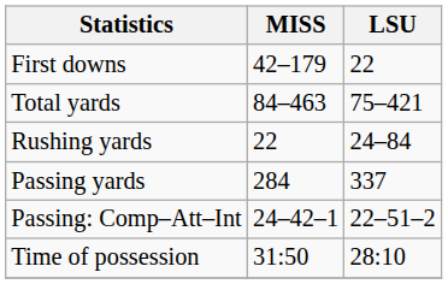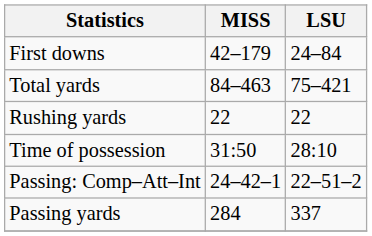 <table class="wikitable" style="float: left;">
 <tr>
 <th>Statistics</th>
 <th>MISS</th>
 <th>LSU</th>
 </tr>
 <tr>
 <td>First downs</td>
 <td>42–179</td>
-<td>22</td>
+<td>24–84</td>
 </tr>
 <tr>
 <td>Total yards</td>
 <td>84–463</td>
 <td>75–421</td>
 </tr>
 <tr>
 <td>Rushing yards</td>
 <td>22</td>
-<td>24–84</td>
+<td>22</td>
+</tr>
+<tr>
+<td>Time of possession</td>
+<td>31:50</td>
+<td>28:10</td>
+</tr>
+<tr>
+<td>Passing: Comp–Att–Int</td>
+<td>24–42–1</td>
+<td>22–51–2</td>
 </tr>
 <tr>
 <td>Passing yards</td>
 <td>284</td>
 <td>337</td>
 </tr>
 <tr>
-<td>Passing: Comp–Att–Int</td>
-<td>24–42–1</td>
-<td>22–51–2</td>
-</tr>
-<tr>
-<td>Time of possession</td>
-<td>31:50</td>
-<td>28:10</td>
-</tr>
-<tr>
 </tr>
 </table>
